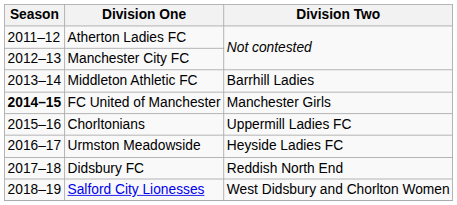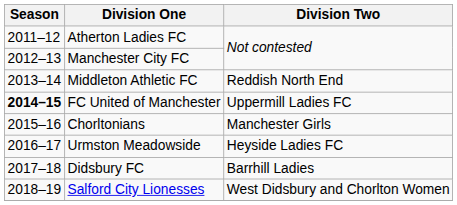 <table class="wikitable">
 <tr>
 <th>Season</th>
 <th>Division One</th>
 <th>Division Two</th>
 </tr>
 <tr>
 <td>2011–12</td>
 <td>Atherton Ladies FC</td>
 <td rowspan="2"><em>Not contested</em></td>
 </tr>
 <tr>
 <td>2012–13</td>
 <td>Manchester City FC</td>
 </tr>
 <tr>
 <td>2013–14</td>
 <td>Middleton Athletic FC</td>
-<td>Barrhill Ladies</td>
+<td>Reddish North End</td>
 </tr>
 <tr>
 <td><strong>2014–15</strong></td>
 <td>FC United of Manchester</td>
-<td>Manchester Girls</td>
+<td>Uppermill Ladies FC</td>
 </tr>
 <tr>
 <td>2015–16</td>
 <td>Chorltonians</td>
-<td>Uppermill Ladies FC</td>
+<td>Manchester Girls</td>
 </tr>
 <tr>
 <td>2016–17</td>
 <td>Urmston Meadowside</td>
 <td>Heyside Ladies FC</td>
 </tr>
 <tr>
 <td>2017–18</td>
 <td>Didsbury FC</td>
-<td>Reddish North End</td>
+<td>Barrhill Ladies</td>
 </tr>
 <tr>
 <td>2018–19</td>
 <td><a href='#'>Salford City Lionesses</a></td>
 <td>West Didsbury and Chorlton Women</td>
 </tr>
 <tr>
 </tr>
 </table>
